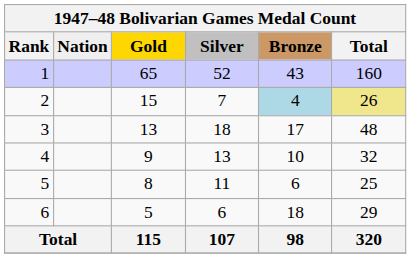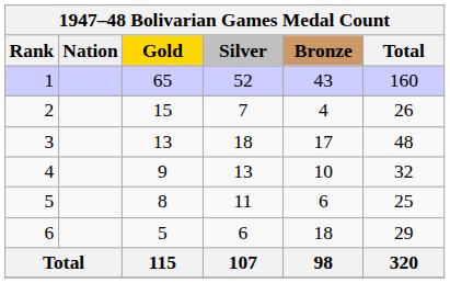 <table class="wikitable" border="2" style="text-align:center">
 <tr>
 <th colspan=6>1947–48 Bolivarian Games Medal Count</th>
 </tr>
 <tr bgcolor="#efefef">
 <th>Rank</th>
 <td align=left><strong>Nation</strong></td>
 <td bgcolor="gold" align=center width=60><strong>Gold</strong></td>
 <td bgcolor="silver" align=center width=60><strong>Silver</strong></td>
 <td bgcolor="CC9966" align=center width=60><strong>Bronze</strong></td>
 <th width=60>Total</th>
 </tr>
 <tr style="background:#ccccff">
 <td align=right>1</td>
 <td align=left></td>
 <td>65</td>
 <td>52</td>
 <td>43</td>
 <td>160</td>
 </tr>
 <tr>
 <td align=right>2</td>
 <td align=left></td>
 <td>15</td>
 <td>7</td>
-<td style="background: lightblue;">4</td>
-<td style="background: khaki;">26</td>
+<td>4</td>
+<td>26</td>
 </tr>
 <tr>
 <td align=right>3</td>
 <td align=left></td>
 <td>13</td>
 <td>18</td>
 <td>17</td>
 <td>48</td>
 </tr>
 <tr>
 <td align=right>4</td>
 <td align=left></td>
 <td>9</td>
 <td>13</td>
 <td>10</td>
 <td>32</td>
 </tr>
 <tr>
 <td align=right>5</td>
 <td align=left></td>
 <td>8</td>
 <td>11</td>
 <td>6</td>
 <td>25</td>
 </tr>
 <tr>
 <td align=right>6</td>
 <td align=left></td>
 <td>5</td>
 <td>6</td>
 <td>18</td>
 <td>29</td>
 </tr>
 <tr>
 <th colspan="2">Total</th>
 <th>115</th>
 <th>107</th>
 <th>98</th>
 <th>320</th>
 </tr>
 <tr>
 </tr>
 </table>
